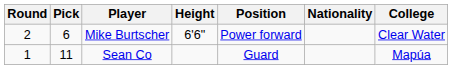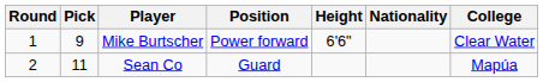 <table class="wikitable sortable sortable">
 <tr>
 <th>Round</th>
 <th>Pick</th>
 <th>Player</th>
+<th>Position</th>
 <th>Height</th>
-<th>Position</th>
 <th>Nationality</th>
 <th>College</th>
 </tr>
 <tr style="text-align: center">
-<td>2</td>
-<td>6</td>
+<td>1</td>
+<td>9</td>
 <td><a href='#'>Mike Burtscher</a></td>
+<td><a href='#'>Power forward</a></td>
 <td>6'6"</td>
-<td><a href='#'>Power forward</a></td>
 <td></td>
 <td><a href='#'>Clear Water</a></td>
 </tr>
 <tr style="text-align: center">
-<td>1</td>
+<td>2</td>
 <td>11</td>
 <td><a href='#'>Sean Co</a></td>
+<td><a href='#'>Guard</a></td>
 <td></td>
-<td><a href='#'>Guard</a></td>
 <td></td>
 <td><a href='#'>Mapúa</a></td>
 </tr>
 </table>
